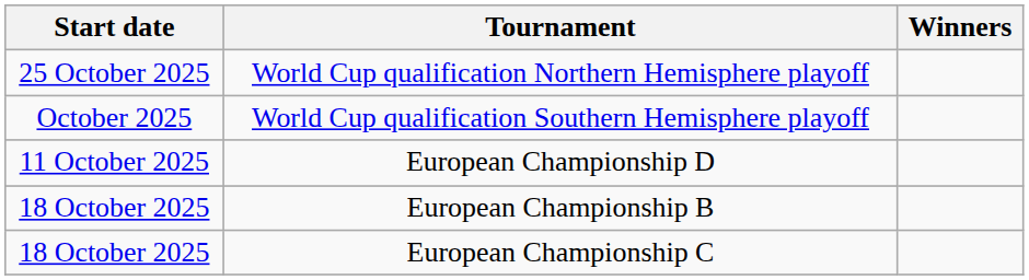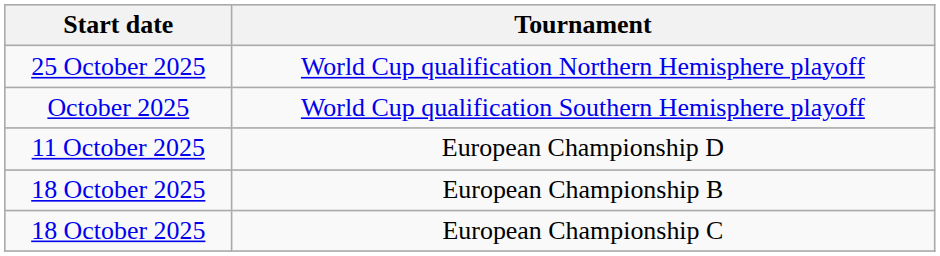 <table class="wikitable unsortable" width=65%: style="white-space:nowrap; text-align:center;">
 <tr>
 <th>Start date</th>
 <th style="text-align:center;">Tournament</th>
-<th>Winners</th>
 </tr>
 <tr>
 <td><a href='#'>25 October 2025</a></td>
 <td><a href='#'>World Cup qualification Northern Hemisphere playoff</a></td>
-<td></td>
 </tr>
 <tr>
 <td><a href='#'> October 2025</a></td>
 <td><a href='#'>World Cup qualification Southern Hemisphere playoff</a></td>
-<td></td>
 </tr>
 <tr>
 <td><a href='#'>11 October 2025</a></td>
 <td>European Championship D</td>
-<td></td>
 </tr>
 <tr>
 <td><a href='#'>18 October 2025</a></td>
 <td>European Championship B</td>
-<td></td>
 </tr>
 <tr>
 <td><a href='#'>18 October 2025</a></td>
 <td>European Championship C</td>
-<td></td>
 </tr>
 </table>
